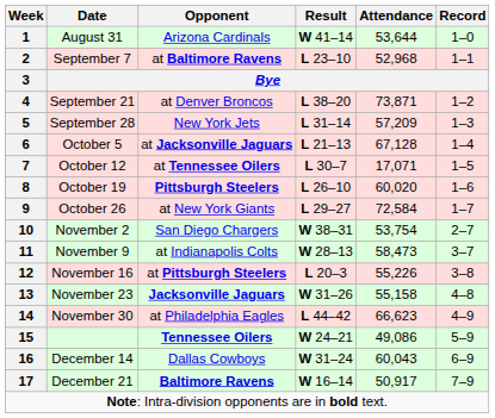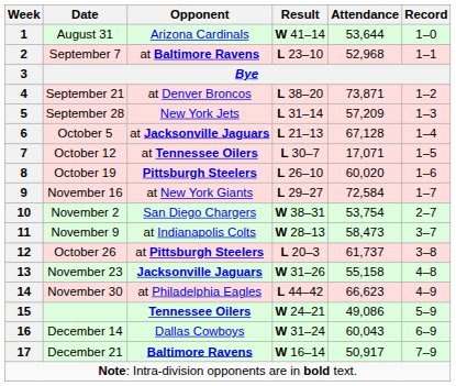 <table class="wikitable" style="text-align:center;">
 <tr>
 <th>Week</th>
 <th>Date</th>
 <th>Opponent</th>
 <th>Result</th>
 <th>Attendance</th>
 <th>Record</th>
 </tr>
 <tr style="background:#dfd;">
 <th>1</th>
 <td>August 31</td>
 <td><a href='#'>Arizona Cardinals</a></td>
 <td><strong>W</strong> 41–14</td>
 <td>53,644</td>
 <td>1–0</td>
 </tr>
 <tr style="background:#fdd;">
 <th>2</th>
 <td>September 7</td>
 <td>at <strong><a href='#'>Baltimore Ravens</a></strong></td>
 <td><strong>L</strong> 23–10</td>
 <td>52,968</td>
 <td>1–1</td>
 </tr>
 <tr>
 <th>3</th>
 <th colspan="5" style="text-align:center;"><em><a href='#'>Bye</a></em></th>
 </tr>
 <tr style="background:#fdd;">
 <th>4</th>
 <td>September 21</td>
 <td>at <a href='#'>Denver Broncos</a></td>
 <td><strong>L</strong> 38–20</td>
 <td>73,871</td>
 <td>1–2</td>
 </tr>
 <tr style="background:#fdd;">
 <th>5</th>
 <td>September 28</td>
 <td><a href='#'>New York Jets</a></td>
 <td><strong>L</strong> 31–14</td>
 <td>57,209</td>
 <td>1–3</td>
 </tr>
 <tr style="background:#fdd;">
 <th>6</th>
 <td>October 5</td>
 <td>at <strong><a href='#'>Jacksonville Jaguars</a></strong></td>
 <td><strong>L</strong> 21–13</td>
 <td>67,128</td>
 <td>1–4</td>
 </tr>
 <tr style="background:#fdd;">
 <th>7</th>
 <td>October 12</td>
 <td>at <strong><a href='#'>Tennessee Oilers</a></strong></td>
 <td><strong>L</strong> 30–7</td>
 <td>17,071</td>
 <td>1–5</td>
 </tr>
 <tr style="background:#fdd;">
 <th>8</th>
 <td>October 19</td>
 <td><strong><a href='#'>Pittsburgh Steelers</a></strong></td>
 <td><strong>L</strong> 26–10</td>
 <td>60,020</td>
 <td>1–6</td>
 </tr>
 <tr style="background:#fdd;”">
 <th>9</th>
-<td>October 26</td>
+<td>November 16</td>
 <td>at <a href='#'>New York Giants</a></td>
 <td><strong>L</strong> 29–27</td>
 <td>72,584</td>
 <td>1–7</td>
 </tr>
 <tr style="background:#dfd;">
 <th>10</th>
 <td>November 2</td>
 <td><a href='#'>San Diego Chargers</a></td>
 <td><strong>W</strong> 38–31</td>
 <td>53,754</td>
 <td>2–7</td>
 </tr>
 <tr style="background:#dfd;”">
 <th>11</th>
 <td>November 9</td>
 <td>at <a href='#'>Indianapolis Colts</a></td>
 <td><strong>W</strong> 28–13</td>
 <td>58,473</td>
 <td>3–7</td>
 </tr>
 <tr style="background:#fdd;">
 <th>12</th>
-<td>November 16</td>
+<td>October 26</td>
 <td>at <strong><a href='#'>Pittsburgh Steelers</a></strong></td>
 <td><strong>L</strong> 20–3</td>
-<td>55,226</td>
+<td>61,737</td>
 <td>3–8</td>
 </tr>
 <tr style="background:#dfd;">
 <th>13</th>
 <td>November 23</td>
 <td><strong><a href='#'>Jacksonville Jaguars</a></strong></td>
 <td><strong>W</strong> 31–26</td>
 <td>55,158</td>
 <td>4–8</td>
 </tr>
 <tr style="background:#fdd;">
 <th>14</th>
 <td>November 30</td>
 <td>at <a href='#'>Philadelphia Eagles</a></td>
 <td><strong>L</strong> 44–42</td>
 <td>66,623</td>
 <td>4–9</td>
 </tr>
 <tr style="background:#dfd;">
 <th>15</th>
 <td></td>
 <td><strong><a href='#'>Tennessee Oilers</a></strong></td>
 <td><strong>W</strong> 24–21</td>
 <td>49,086</td>
 <td>5–9</td>
 </tr>
 <tr style="background:#dfd;">
 <th>16</th>
 <td>December 14</td>
 <td><a href='#'>Dallas Cowboys</a></td>
 <td><strong>W</strong> 31–24</td>
 <td>60,043</td>
 <td>6–9</td>
 </tr>
 <tr style="background:#dfd;">
 <th>17</th>
 <td>December 21</td>
 <td><strong><a href='#'>Baltimore Ravens</a></strong></td>
 <td><strong>W</strong> 16–14</td>
 <td>50,917</td>
 <td>7–9</td>
 </tr>
 <tr>
 <td colspan="6"><strong>Note</strong>: Intra-division opponents are in <strong>bold</strong> text.</td>
 </tr>
 </table>
